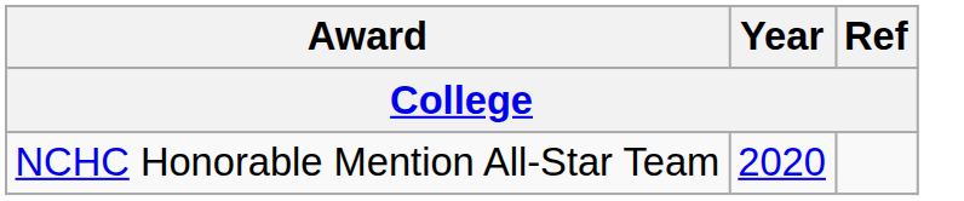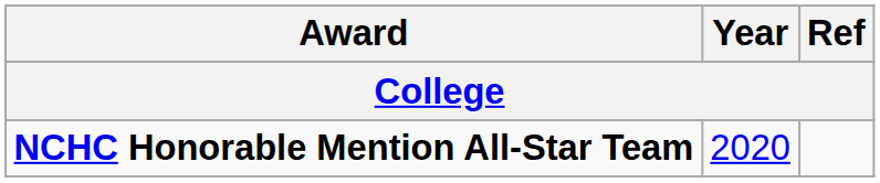 <table class="wikitable">
 <tr>
 <th>Award</th>
 <th>Year</th>
 <th>Ref</th>
 </tr>
 <tr>
 <th colspan="3"><a href='#'>College</a></th>
 </tr>
 <tr>
-<td><a href='#'>NCHC</a> Honorable Mention All-Star Team</td>
+<td><strong><a href='#'>NCHC</a> Honorable Mention All-Star Team</strong></td>
 <td><a href='#'>2020</a></td>
 <td></td>
 </tr>
 </table>
